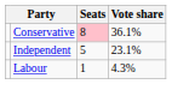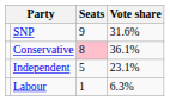 <table class="wikitable sortable">
 <tr>
 <th scope="col" colspan="2">Party</th>
 <th>Seats</th>
 <th>Vote share</th>
+</tr>
+<tr>
+<td style="background-color: "></td>
+<td scope="row"><a href='#'>SNP</a></td>
+<td>9</td>
+<td>31.6%</td>
 </tr>
 <tr>
 <td style="background-color: "></td>
 <td scope="row"><a href='#'>Conservative</a></td>
 <td style="background: pink;">8</td>
 <td>36.1%</td>
 </tr>
 <tr>
 <td style="background-color: "></td>
 <td scope="row"><a href='#'>Independent</a></td>
 <td>5</td>
 <td>23.1%</td>
 </tr>
 <tr>
 <td style="background-color: "></td>
 <td scope="row"><a href='#'>Labour</a></td>
 <td>1</td>
-<td>4.3%</td>
+<td>6.3%</td>
 </tr>
 </table>
